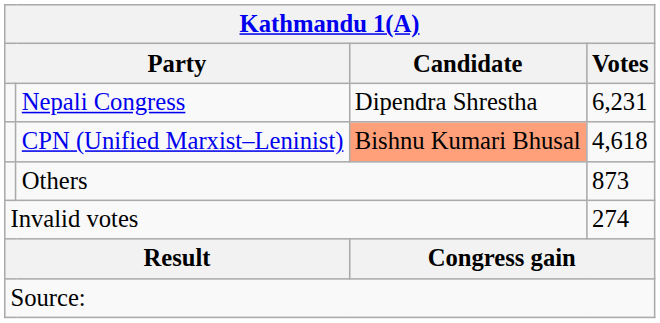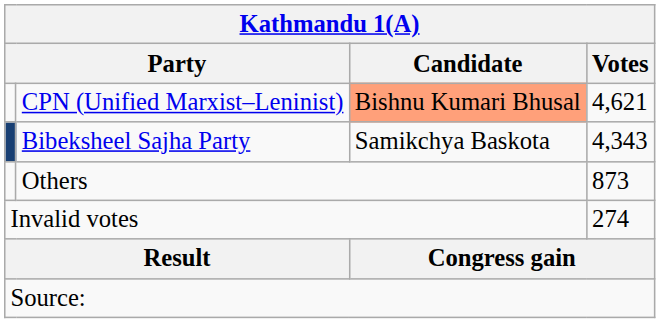 <table class="wikitable">
 <tr>
 <th colspan="4"><a href='#'>Kathmandu 1(A)</a></th>
 </tr>
 <tr>
 <th colspan="2">Party</th>
 <th>Candidate</th>
 <th>Votes</th>
 </tr>
 <tr>
 <td style="background-color:"></td>
-<td><a href='#'>Nepali Congress</a></td>
-<td>Dipendra Shrestha</td>
-<td>6,231</td>
+<td><a href='#'>CPN (Unified Marxist–Leninist)</a></td>
+<td style="background: lightsalmon;">Bishnu Kumari Bhusal</td>
+<td>4,621</td>
 </tr>
 <tr>
-<td style="background-color:"></td>
-<td><a href='#'>CPN (Unified Marxist–Leninist)</a></td>
-<td style="background: lightsalmon;">Bishnu Kumari Bhusal</td>
-<td>4,618</td>
+<td style="background-color:#183F73"></td>
+<td><a href='#'>Bibeksheel Sajha Party</a></td>
+<td>Samikchya Baskota</td>
+<td>4,343</td>
 </tr>
 <tr>
 <td></td>
 <td colspan="2">Others</td>
 <td>873</td>
 </tr>
 <tr>
 <td colspan="3">Invalid votes</td>
 <td>274</td>
 </tr>
 <tr>
 <th colspan="2">Result</th>
 <th colspan="2">Congress gain</th>
 </tr>
 <tr>
 <td colspan="4">Source: </td>
 </tr>
 </table>
